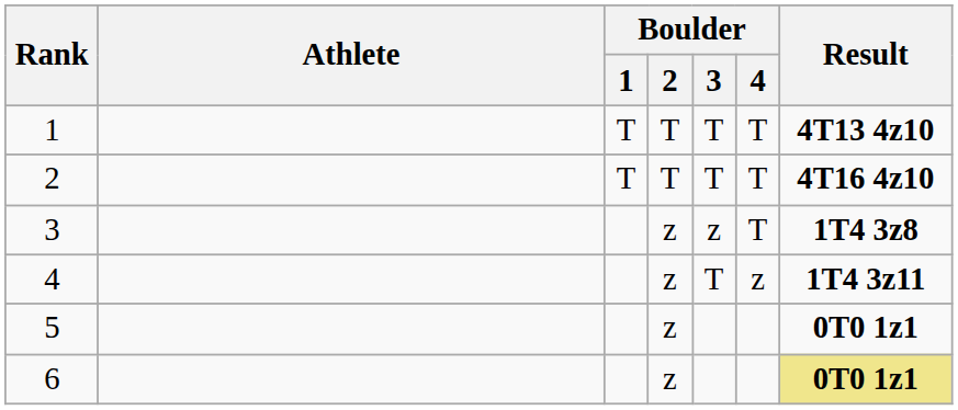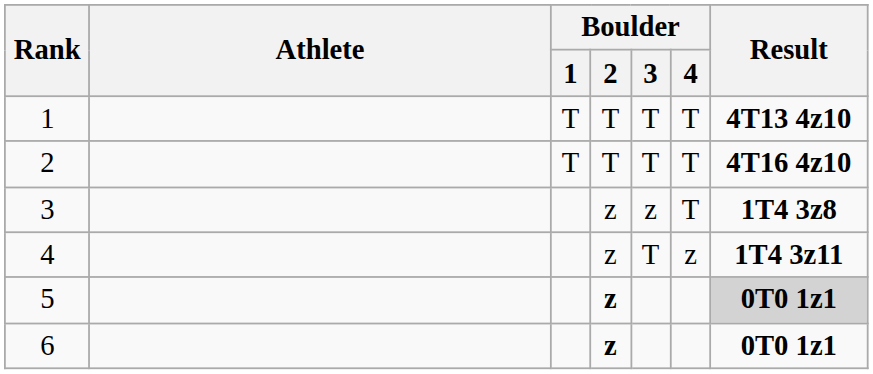 <table class="wikitable" style="text-align:center">
 <tr>
 <th rowspan="2" width=40>Rank</th>
 <th rowspan="2" width=250>Athlete</th>
 <th colspan=4>Boulder</th>
 <th rowspan="2" width=80>Result</th>
 </tr>
 <tr>
 <th width=15>1</th>
 <th width=15>2</th>
 <th width=15>3</th>
 <th width=15>4</th>
 </tr>
 <tr>
 <td>1</td>
 <td align=left></td>
 <td>T</td>
 <td>T</td>
 <td>T</td>
 <td>T</td>
 <td><strong>4T13 4z10</strong></td>
 </tr>
 <tr>
 <td>2</td>
 <td align=left></td>
 <td>T</td>
 <td>T</td>
 <td>T</td>
 <td>T</td>
 <td><strong>4T16 4z10</strong></td>
 </tr>
 <tr>
 <td>3</td>
 <td align=left></td>
 <td></td>
 <td>z</td>
 <td>z</td>
 <td>T</td>
 <td><strong>1T4 3z8</strong></td>
 </tr>
 <tr>
 <td>4</td>
 <td align=left></td>
 <td></td>
 <td>z</td>
 <td>T</td>
 <td>z</td>
 <td><strong>1T4 3z11</strong></td>
 </tr>
 <tr>
 <td>5</td>
 <td align=left></td>
 <td></td>
-<td>z</td>
+<td><strong>z</strong></td>
 <td></td>
 <td></td>
-<td><strong>0T0 1z1</strong></td>
+<td style="background: lightgrey;"><strong>0T0 1z1</strong></td>
 </tr>
 <tr>
 <td>6</td>
 <td align=left></td>
 <td></td>
-<td>z</td>
+<td><strong>z</strong></td>
 <td></td>
 <td></td>
-<td style="background: khaki;"><strong>0T0 1z1</strong></td>
+<td><strong>0T0 1z1</strong></td>
 </tr>
 </table>
